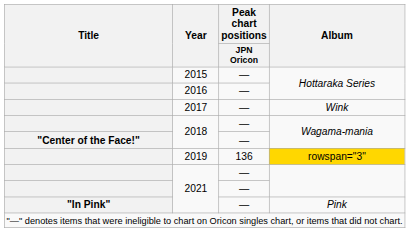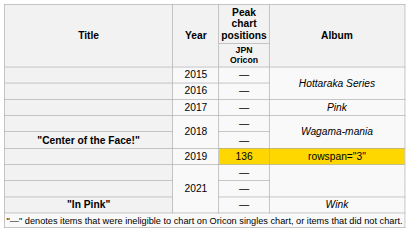 <table class="wikitable plainrowheaders" style="text-align:center;">
 <tr>
 <th scope="col" rowspan="2" style="width:16em;">Title</th>
 <th scope="col" rowspan="2">Year</th>
 <th scope="col" colspan="1">Peak chart positions</th>
 <th scope="col" rowspan="2">Album</th>
 </tr>
 <tr>
 <th style="width:3em;font-size:85%">JPN<br>Oricon<br></th>
 </tr>
 <tr>
 <th scope="row"></th>
 <td>2015</td>
 <td>—</td>
 <td rowspan="2"><em>Hottaraka Series</em></td>
 </tr>
 <tr>
 <th scope="row"></th>
 <td>2016</td>
 <td>—</td>
 </tr>
 <tr>
 <th scope="row"></th>
 <td>2017</td>
 <td>—</td>
-<td><em>Wink</em></td>
+<td><em>Pink</em></td>
 </tr>
 <tr>
 <th scope="row"></th>
 <td rowspan="2">2018</td>
 <td>—</td>
 <td rowspan="2"><em>Wagama-mania</em></td>
 </tr>
 <tr>
 <th scope="row">"Center of the Face!"</th>
 <td>—</td>
 </tr>
 <tr>
 <th scope="row"></th>
 <td>2019</td>
-<td>136</td>
+<td style="background: gold;">136</td>
 <td style="background: gold;">rowspan="3" </td>
 </tr>
 <tr>
 <th scope="row"></th>
 <td rowspan="3">2021</td>
 <td>—</td>
 </tr>
 <tr>
 <th scope="row"></th>
 <td>—</td>
 </tr>
 <tr>
 <th scope="row">"In Pink"<br></th>
 <td>—</td>
-<td><em>Pink</em></td>
+<td><em>Wink</em></td>
 </tr>
 <tr>
 <td colspan="12" align="center" style="font-size:90%;">"—" denotes items that were ineligible to chart on Oricon singles chart, or items that did not chart.</td>
 </tr>
 </table>
